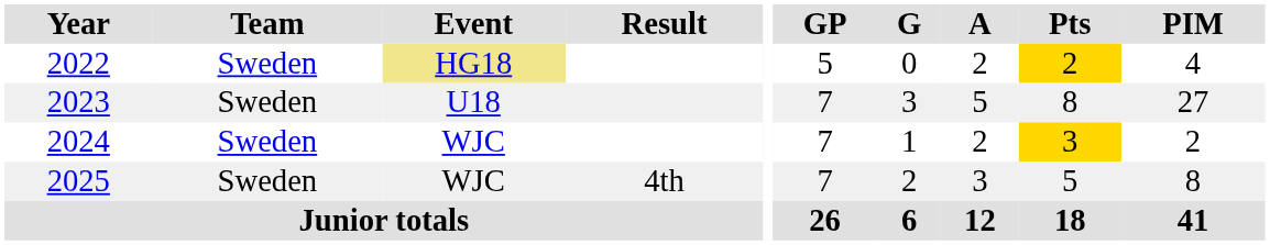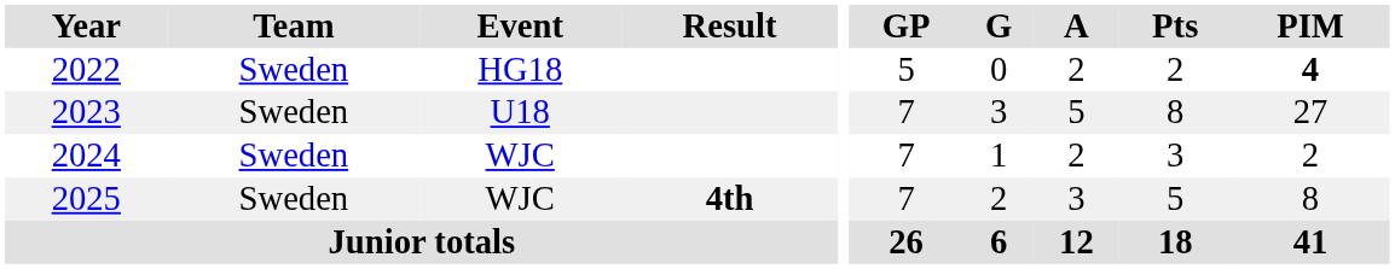 <table border="0" cellpadding="1" cellspacing="0" ID="Table3" style="text-align:center; width:40em">
 <tr bgcolor="#e0e0e0">
 <th>Year</th>
 <th>Team</th>
 <th>Event</th>
 <th>Result</th>
 <th rowspan="102" bgcolor="#ffffff"></th>
 <th>GP</th>
 <th>G</th>
 <th>A</th>
 <th>Pts</th>
 <th>PIM</th>
 </tr>
 <tr>
 <td><a href='#'>2022</a></td>
 <td><a href='#'>Sweden</a></td>
-<td style="background: khaki;"><a href='#'>HG18</a></td>
+<td><a href='#'>HG18</a></td>
 <td></td>
 <td>5</td>
 <td>0</td>
 <td>2</td>
-<td style="background: gold;">2</td>
-<td>4</td>
+<td>2</td>
+<td><strong>4</strong></td>
 </tr>
 <tr bgcolor="#f0f0f0">
 <td><a href='#'>2023</a></td>
 <td>Sweden</td>
 <td><a href='#'>U18</a></td>
 <td></td>
 <td>7</td>
 <td>3</td>
 <td>5</td>
 <td>8</td>
 <td>27</td>
 </tr>
 <tr>
 <td><a href='#'>2024</a></td>
 <td><a href='#'>Sweden</a></td>
 <td><a href='#'>WJC</a></td>
 <td></td>
 <td>7</td>
 <td>1</td>
 <td>2</td>
-<td style="background: gold;">3</td>
+<td>3</td>
 <td>2</td>
 </tr>
 <tr bgcolor="#f0f0f0">
 <td><a href='#'>2025</a></td>
 <td>Sweden</td>
 <td>WJC</td>
-<td>4th</td>
+<td><strong>4th</strong></td>
 <td>7</td>
 <td>2</td>
 <td>3</td>
 <td>5</td>
 <td>8</td>
 </tr>
 <tr bgcolor="#e0e0e0">
 <th colspan="4">Junior totals</th>
 <th>26</th>
 <th>6</th>
 <th>12</th>
 <th>18</th>
 <th>41</th>
 </tr>
 </table>
